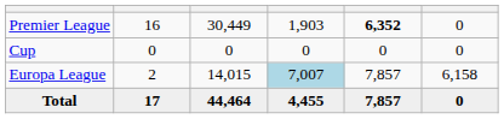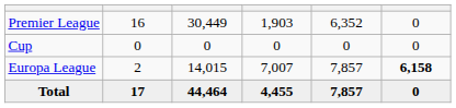 <table class="wikitable" style="text-align: center;">
 <tr>
 <th></th>
 <th style="width:70px;"></th>
 <th style="width:70px;"></th>
 <th style="width:70px;"></th>
 <th style="width:70px;"></th>
 <th style="width:70px;"></th>
 </tr>
 <tr>
 <td align=left><a href='#'>Premier League</a></td>
 <td>16</td>
 <td>30,449</td>
 <td>1,903</td>
-<td><strong>6,352</strong></td>
+<td>6,352</td>
 <td>0</td>
 </tr>
 <tr>
 <td align=left><a href='#'>Cup</a></td>
 <td>0</td>
 <td>0</td>
 <td>0</td>
 <td>0</td>
 <td>0</td>
 </tr>
 <tr>
 <td align=left><a href='#'>Europa League</a></td>
 <td>2</td>
 <td>14,015</td>
-<td style="background: lightblue;">7,007</td>
+<td>7,007</td>
 <td>7,857</td>
-<td>6,158</td>
+<td><strong>6,158</strong></td>
 </tr>
 <tr bgcolor="#EFEFEF">
 <td><strong>Total</strong></td>
 <td><strong>17</strong></td>
 <td><strong>44,464</strong></td>
 <td><strong>4,455</strong></td>
 <td><strong>7,857</strong></td>
 <td><strong>0</strong></td>
 </tr>
 </table>
